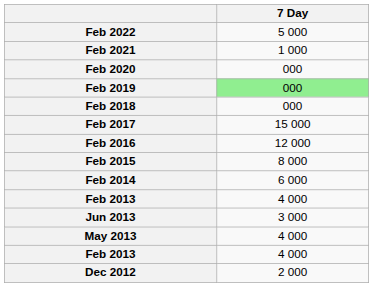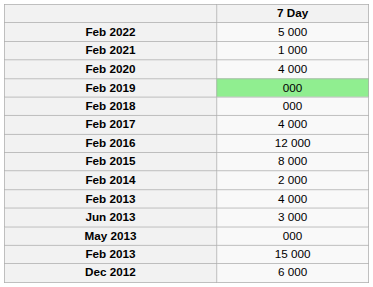 <table class="wikitable sortable" style="text-align:center; width:500px; height:150px;">
 <tr>
 <th></th>
 <th>7 Day</th>
 </tr>
 <tr>
 <th scope="row">Feb 2022</th>
 <td>5 000</td>
 </tr>
 <tr>
 <th scope="row">Feb 2021</th>
 <td>1 000</td>
 </tr>
 <tr>
 <th scope="row">Feb 2020</th>
-<td>000</td>
+<td>4 000</td>
 </tr>
 <tr>
 <th scope="row">Feb 2019</th>
 <td style="background: lightgreen;">000</td>
 </tr>
 <tr>
 <th scope="row">Feb 2018</th>
 <td>000</td>
 </tr>
 <tr>
 <th scope="row">Feb 2017</th>
-<td>15 000</td>
+<td>4 000</td>
 </tr>
 <tr>
 <th scope="row">Feb 2016</th>
 <td>12 000</td>
 </tr>
 <tr>
 <th scope="row">Feb 2015</th>
 <td>8 000</td>
 </tr>
 <tr>
 <th scope="row">Feb 2014</th>
-<td>6 000</td>
+<td>2 000</td>
 </tr>
 <tr>
 <th scope="row">Feb 2013</th>
 <td>4 000</td>
 </tr>
 <tr>
 <th scope="row">Jun 2013</th>
 <td>3 000</td>
 </tr>
 <tr>
 <th scope="row">May 2013</th>
-<td>4 000</td>
+<td>000</td>
 </tr>
 <tr>
 <th scope="row">Feb 2013</th>
-<td>4 000</td>
+<td>15 000</td>
 </tr>
 <tr>
 <th scope="row">Dec 2012</th>
-<td>2 000</td>
+<td>6 000</td>
 </tr>
 </table>
